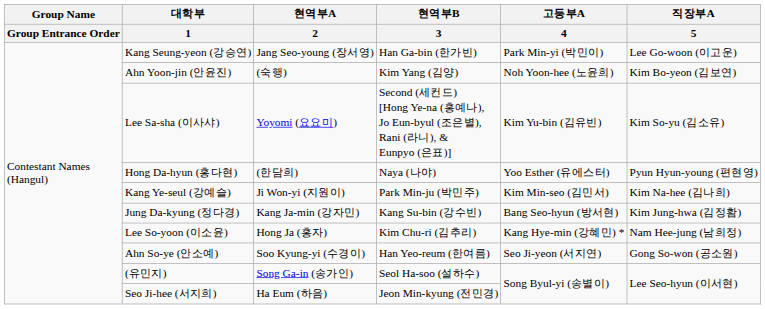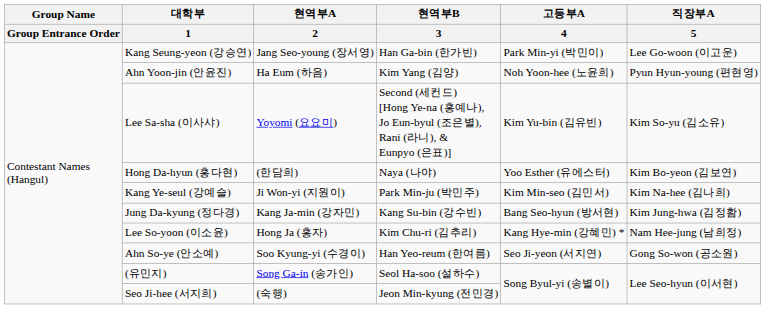 <table class="wikitable">
 <tr>
 <th>Group Name</th>
 <th>대학부</th>
 <th>현역부A</th>
 <th>현역부B</th>
 <th>고등부A</th>
 <th>직장부A</th>
 </tr>
 <tr>
 <th>Group Entrance Order</th>
 <th>1</th>
 <th>2</th>
 <th>3</th>
 <th>4</th>
 <th>5</th>
 </tr>
 <tr>
 <td rowspan=10>Contestant Names<br>(Hangul)</td>
 <td>Kang Seung-yeon (강승연)</td>
 <td>Jang Seo-young (장서영)</td>
 <td>Han Ga-bin (한가빈)</td>
 <td>Park Min-yi (박민이)</td>
 <td>Lee Go-woon (이고운)</td>
 </tr>
 <tr>
 <td>Ahn Yoon-jin (안윤진)</td>
-<td> (숙행) </td>
+<td>Ha Eum (하음)</td>
 <td>Kim Yang (김양) </td>
 <td>Noh Yoon-hee (노윤희)</td>
-<td>Kim Bo-yeon (김보연)</td>
+<td>Pyun Hyun-young (편현영)</td>
 </tr>
 <tr>
 <td>Lee Sa-sha (이사샤)</td>
 <td><a href='#'>Yoyomi</a> (<a href='#'>요요미</a>)</td>
 <td>Second (세컨드) <br>[Hong Ye-na (홍예나),<br>Jo Eun-byul (조은별),<br>Rani (라니), &<br>Eunpyo (은표)]</td>
 <td>Kim Yu-bin (김유빈)</td>
 <td>Kim So-yu (김소유)</td>
 </tr>
 <tr>
 <td>Hong Da-hyun (홍다현)</td>
 <td> (한담희)</td>
 <td>Naya (나야)</td>
 <td>Yoo Esther (유에스터)</td>
-<td>Pyun Hyun-young (편현영)</td>
+<td>Kim Bo-yeon (김보연)</td>
 </tr>
 <tr>
 <td>Kang Ye-seul (강예슬)</td>
 <td>Ji Won-yi (지원이) </td>
 <td>Park Min-ju (박민주)</td>
 <td>Kim Min-seo (김민서)</td>
 <td>Kim Na-hee (김나희)</td>
 </tr>
 <tr>
 <td>Jung Da-kyung (정다경)</td>
 <td>Kang Ja-min (강자민)</td>
 <td>Kang Su-bin (강수빈)</td>
 <td>Bang Seo-hyun (방서현) </td>
 <td>Kim Jung-hwa (김정홤)</td>
 </tr>
 <tr>
 <td>Lee So-yoon (이소윤)</td>
 <td>Hong Ja (홍자)</td>
 <td>Kim Chu-ri (김추리)</td>
 <td>Kang Hye-min (강혜민)  *</td>
 <td>Nam Hee-jung (남희정)</td>
 </tr>
 <tr>
 <td>Ahn So-ye (안소예)</td>
 <td>Soo Kyung-yi (수경이)</td>
 <td>Han Yeo-reum (한여름)</td>
 <td>Seo Ji-yeon (서지연)</td>
 <td>Gong So-won (공소원)</td>
 </tr>
 <tr>
 <td> (유민지)</td>
 <td><a href='#'>Song Ga-in</a> (송가인)</td>
 <td>Seol Ha-soo (설하수)</td>
 <td rowspan=2>Song Byul-yi (송별이)</td>
 <td rowspan=2>Lee Seo-hyun (이서현)</td>
 </tr>
 <tr>
 <td>Seo Ji-hee (서지희)</td>
-<td>Ha Eum (하음)</td>
+<td> (숙행) </td>
 <td>Jeon Min-kyung (전민경)</td>
 </tr>
 </table>
